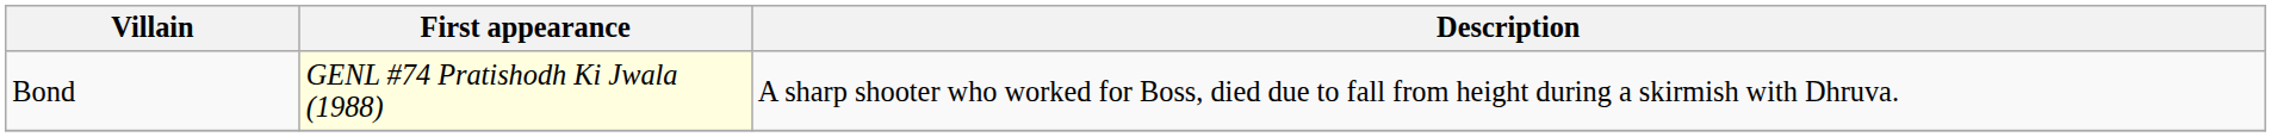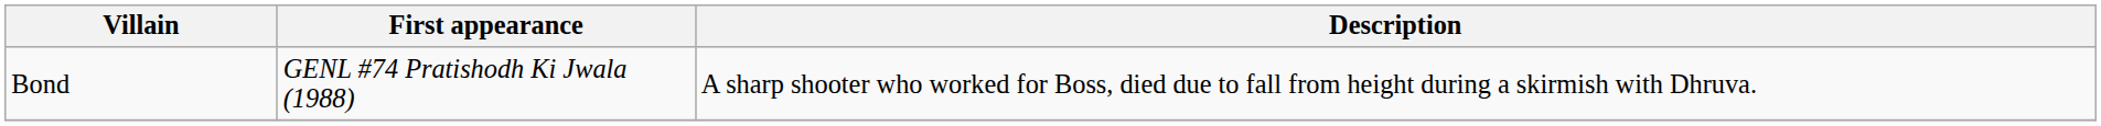 <table class="wikitable">
 <tr>
 <th style="width:13%;">Villain</th>
 <th style="width:20%;">First appearance</th>
 <th style="width:67%;">Description</th>
 </tr>
 <tr>
 <td>Bond</td>
-<td style="background: lightyellow;"><em>GENL #74 Pratishodh Ki Jwala (1988)</em></td>
+<td><em>GENL #74 Pratishodh Ki Jwala (1988)</em></td>
 <td>A sharp shooter who worked for Boss, died due to fall from height during a skirmish with Dhruva.</td>
 </tr>
 <tr>
 </tr>
 </table>
